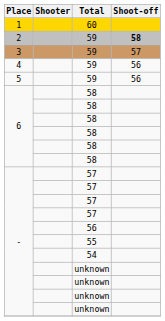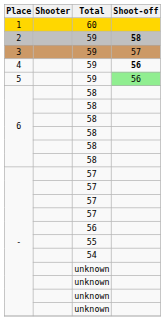 <table class=wikitable style="text-align:center">
 <tr>
 <th>Place</th>
 <th>Shooter</th>
 <th>Total</th>
 <th>Shoot-off</th>
 </tr>
 <tr align=center bgcolor=gold>
 <td>1</td>
 <td align=left></td>
 <td>60</td>
 <td></td>
 </tr>
 <tr align=center bgcolor=silver>
 <td>2</td>
 <td align=left></td>
 <td>59</td>
 <td><strong>58</strong></td>
 </tr>
 <tr align=center bgcolor=cc9966>
 <td>3</td>
 <td align=left></td>
 <td>59</td>
 <td>57</td>
 </tr>
 <tr>
 <td>4</td>
 <td align=left></td>
 <td>59</td>
-<td>56</td>
+<td><strong>56</strong></td>
 </tr>
 <tr>
 <td>5</td>
 <td align=left></td>
 <td>59</td>
-<td>56</td>
+<td style="background: lightgreen;">56</td>
 </tr>
 <tr>
 <td rowspan=6>6</td>
 <td align=left></td>
 <td>58</td>
 <td></td>
 </tr>
 <tr>
 <td align=left></td>
 <td>58</td>
 <td></td>
 </tr>
 <tr>
 <td align=left></td>
 <td>58</td>
 <td></td>
 </tr>
 <tr>
 <td align=left></td>
 <td>58</td>
 <td></td>
 </tr>
 <tr>
 <td align=left></td>
 <td>58</td>
 <td></td>
 </tr>
 <tr>
 <td align=left></td>
 <td>58</td>
 <td></td>
 </tr>
 <tr>
 <td rowspan=11>-</td>
 <td align=left></td>
 <td>57</td>
 <td></td>
 </tr>
 <tr>
 <td align=left></td>
 <td>57</td>
 <td></td>
 </tr>
 <tr>
 <td align=left></td>
 <td>57</td>
 <td></td>
 </tr>
 <tr>
 <td align=left></td>
 <td>57</td>
 <td></td>
 </tr>
 <tr>
 <td align=left></td>
 <td>56</td>
 <td></td>
 </tr>
 <tr>
 <td align=left></td>
 <td>55</td>
 <td></td>
 </tr>
 <tr>
 <td align=left></td>
 <td>54</td>
 <td></td>
 </tr>
 <tr>
 <td align=left></td>
 <td>unknown</td>
 <td></td>
 </tr>
 <tr>
 <td align=left></td>
 <td>unknown</td>
 <td></td>
 </tr>
 <tr>
 <td align=left></td>
 <td>unknown</td>
 <td></td>
 </tr>
 <tr>
 <td align=left></td>
 <td>unknown</td>
 <td></td>
 </tr>
 <tr>
 </tr>
 </table>
